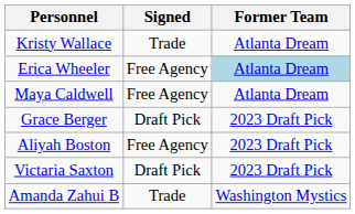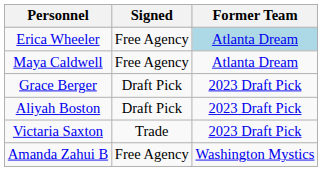 <table class="wikitable" style="text-align: center">
 <tr align="center" bgcolor="#dddddd">
 <th><strong>Personnel</strong></th>
 <th><strong>Signed</strong></th>
 <th><strong>Former Team</strong></th>
-</tr>
-<tr>
-<td><a href='#'>Kristy Wallace</a></td>
-<td>Trade</td>
-<td><a href='#'>Atlanta Dream</a></td>
 </tr>
 <tr>
 <td><a href='#'>Erica Wheeler</a></td>
 <td>Free Agency</td>
 <td style="background: lightblue;"><a href='#'>Atlanta Dream</a></td>
 </tr>
 <tr>
 <td><a href='#'>Maya Caldwell</a></td>
 <td>Free Agency</td>
 <td><a href='#'>Atlanta Dream</a></td>
 </tr>
 <tr>
 <td><a href='#'>Grace Berger</a></td>
 <td>Draft Pick</td>
 <td><a href='#'>2023 Draft Pick</a></td>
 </tr>
 <tr>
 <td><a href='#'>Aliyah Boston</a></td>
-<td>Free Agency</td>
+<td>Draft Pick</td>
 <td><a href='#'>2023 Draft Pick</a></td>
 </tr>
 <tr>
 <td><a href='#'>Victaria Saxton</a></td>
-<td>Draft Pick</td>
+<td>Trade</td>
 <td><a href='#'>2023 Draft Pick</a></td>
 </tr>
 <tr>
 <td><a href='#'>Amanda Zahui B</a></td>
-<td>Trade</td>
+<td>Free Agency</td>
 <td><a href='#'>Washington Mystics</a></td>
 </tr>
 </table>
